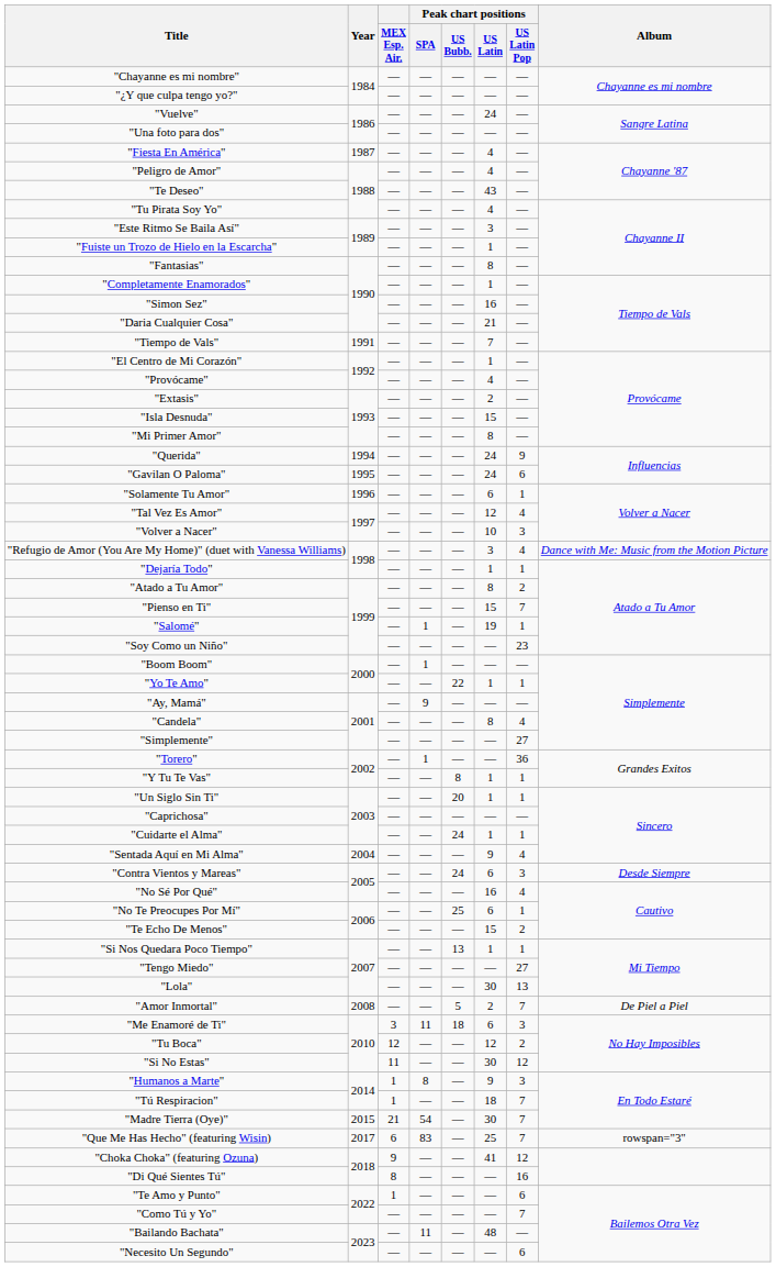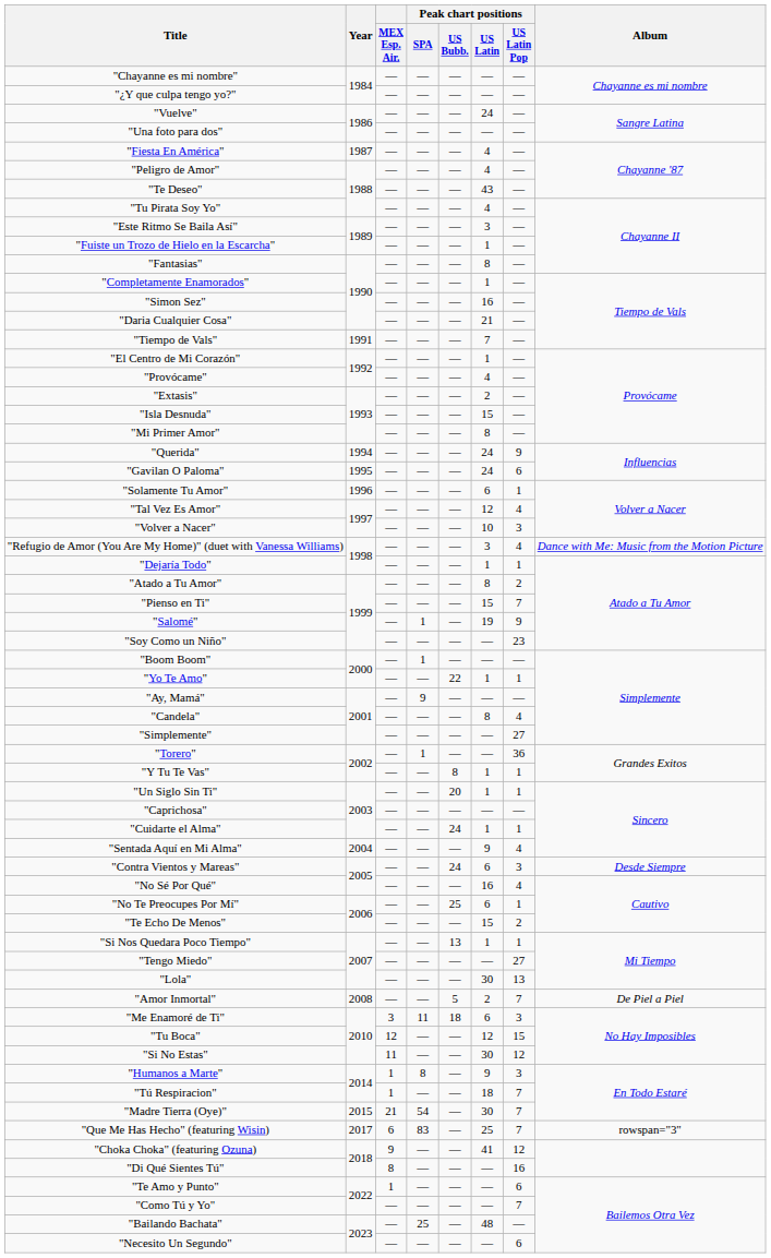 <table class="wikitable plainrowheaders" style="text-align:center;">
 <tr>
 <th rowspan="2">Title</th>
 <th rowspan="2">Year</th>
 <th></th>
 <th colspan="4">Peak chart positions</th>
 <th rowspan="2">Album</th>
 </tr>
 <tr>
 <th scope="col" style="width:2.5em;font-size:90%;"><a href='#'>MEX<br>Esp.<br>Air.</a><br></th>
 <th scope="col" style="width:2.5em;font-size:90%;"><a href='#'>SPA</a><br></th>
 <th scope="col" style="width:2.5em;font-size:90%;"><a href='#'>US<br>Bubb.</a><br></th>
 <th scope="col" style="width:2.5em;font-size:90%;"><a href='#'>US<br>Latin</a><br></th>
 <th scope="col" style="width:2.5em;font-size:90%;"><a href='#'>US<br>Latin<br>Pop</a><br></th>
 </tr>
 <tr>
 <td>"Chayanne es mi nombre"</td>
 <td rowspan="2">1984</td>
 <td>—</td>
 <td>—</td>
 <td>—</td>
 <td>—</td>
 <td>—</td>
 <td rowspan="2"><em><a href='#'>Chayanne es mi nombre</a></em></td>
 </tr>
 <tr>
 <td>"¿Y que culpa tengo yo?"</td>
 <td>—</td>
 <td>—</td>
 <td>—</td>
 <td>—</td>
 <td>—</td>
 </tr>
 <tr>
 <td>"Vuelve"</td>
 <td rowspan="2">1986</td>
 <td>—</td>
 <td>—</td>
 <td>—</td>
 <td>24</td>
 <td>—</td>
 <td rowspan="2"><em><a href='#'>Sangre Latina</a></em></td>
 </tr>
 <tr>
 <td>"Una foto para dos"</td>
 <td>—</td>
 <td>—</td>
 <td>—</td>
 <td>—</td>
 <td>—</td>
 </tr>
 <tr>
 <td>"<a href='#'>Fiesta En América</a>"</td>
 <td>1987</td>
 <td>—</td>
 <td>—</td>
 <td>—</td>
 <td>4</td>
 <td>—</td>
 <td rowspan="3"><em><a href='#'>Chayanne '87</a></em></td>
 </tr>
 <tr>
 <td>"Peligro de Amor"</td>
 <td rowspan="3">1988</td>
 <td>—</td>
 <td>—</td>
 <td>—</td>
 <td>4</td>
 <td>—</td>
 </tr>
 <tr>
 <td>"Te Deseo"</td>
 <td>—</td>
 <td>—</td>
 <td>—</td>
 <td>43</td>
 <td>—</td>
 </tr>
 <tr>
 <td>"Tu Pirata Soy Yo"</td>
 <td>—</td>
 <td>—</td>
 <td>—</td>
 <td>4</td>
 <td>—</td>
 <td rowspan="4"><em><a href='#'>Chayanne II</a></em></td>
 </tr>
 <tr>
 <td>"Este Ritmo Se Baila Así"</td>
 <td rowspan="2" align="center">1989</td>
 <td>—</td>
 <td>—</td>
 <td>—</td>
 <td>3</td>
 <td>—</td>
 </tr>
 <tr>
 <td>"<a href='#'>Fuiste un Trozo de Hielo en la Escarcha</a>"</td>
 <td>—</td>
 <td>—</td>
 <td>—</td>
 <td>1</td>
 <td>—</td>
 </tr>
 <tr>
 <td>"Fantasias"</td>
 <td rowspan="4" align="center">1990</td>
 <td>—</td>
 <td>—</td>
 <td>—</td>
 <td>8</td>
 <td>—</td>
 </tr>
 <tr>
 <td>"<a href='#'>Completamente Enamorados</a>"</td>
 <td>—</td>
 <td>—</td>
 <td>—</td>
 <td>1</td>
 <td>—</td>
 <td rowspan="4"><em><a href='#'>Tiempo de Vals</a></em></td>
 </tr>
 <tr>
 <td>"Simon Sez"</td>
 <td>—</td>
 <td>—</td>
 <td>—</td>
 <td>16</td>
 <td>—</td>
 </tr>
 <tr>
 <td>"Daria Cualquier Cosa"</td>
 <td>—</td>
 <td>—</td>
 <td>—</td>
 <td>21</td>
 <td>—</td>
 </tr>
 <tr>
 <td>"Tiempo de Vals"</td>
 <td align="center">1991</td>
 <td>—</td>
 <td>—</td>
 <td>—</td>
 <td>7</td>
 <td>—</td>
 </tr>
 <tr>
 <td>"El Centro de Mi Corazón"</td>
 <td rowspan="2" align="center">1992</td>
 <td>—</td>
 <td>—</td>
 <td>—</td>
 <td>1</td>
 <td>—</td>
 <td rowspan="5"><em><a href='#'>Provócame</a></em></td>
 </tr>
 <tr>
 <td>"Provócame"</td>
 <td>—</td>
 <td>—</td>
 <td>—</td>
 <td>4</td>
 <td>—</td>
 </tr>
 <tr>
 <td>"Extasis"</td>
 <td rowspan="3" align="center">1993</td>
 <td>—</td>
 <td>—</td>
 <td>—</td>
 <td>2</td>
 <td>—</td>
 </tr>
 <tr>
 <td>"Isla Desnuda"</td>
 <td>—</td>
 <td>—</td>
 <td>—</td>
 <td>15</td>
 <td>—</td>
 </tr>
 <tr>
 <td>"Mi Primer Amor"</td>
 <td>—</td>
 <td>—</td>
 <td>—</td>
 <td>8</td>
 <td>—</td>
 </tr>
 <tr>
 <td>"Querida"</td>
 <td align="center">1994</td>
 <td>—</td>
 <td>—</td>
 <td>—</td>
 <td>24</td>
 <td>9</td>
 <td rowspan="2"><em><a href='#'>Influencias</a></em></td>
 </tr>
 <tr>
 <td>"Gavilan O Paloma"</td>
 <td align="center">1995</td>
 <td>—</td>
 <td>—</td>
 <td>—</td>
 <td>24</td>
 <td>6</td>
 </tr>
 <tr>
 <td>"Solamente Tu Amor"</td>
 <td align="center">1996</td>
 <td>—</td>
 <td>—</td>
 <td>—</td>
 <td>6</td>
 <td>1</td>
 <td rowspan="3"><em><a href='#'>Volver a Nacer</a></em></td>
 </tr>
 <tr>
 <td>"Tal Vez Es Amor"</td>
 <td rowspan="2" align="center">1997</td>
 <td>—</td>
 <td>—</td>
 <td>—</td>
 <td>12</td>
 <td>4</td>
 </tr>
 <tr>
 <td>"Volver a Nacer"</td>
 <td>—</td>
 <td>—</td>
 <td>—</td>
 <td>10</td>
 <td>3</td>
 </tr>
 <tr>
 <td>"Refugio de Amor (You Are My Home)" (duet with <a href='#'>Vanessa Williams</a>)</td>
 <td rowspan="2" align="center">1998</td>
 <td>—</td>
 <td>—</td>
 <td>—</td>
 <td>3</td>
 <td>4</td>
 <td><em><a href='#'>Dance with Me: Music from the Motion Picture</a></em></td>
 </tr>
 <tr>
 <td>"<a href='#'>Dejaría Todo</a>"</td>
 <td>—</td>
 <td>—</td>
 <td>—</td>
 <td>1</td>
 <td>1</td>
 <td rowspan="5"><em><a href='#'>Atado a Tu Amor</a></em></td>
 </tr>
 <tr>
 <td>"Atado a Tu Amor"</td>
 <td rowspan="4" align="center">1999</td>
 <td>—</td>
 <td>—</td>
 <td>—</td>
 <td>8</td>
 <td>2</td>
 </tr>
 <tr>
 <td>"Pienso en Ti"</td>
 <td>—</td>
 <td>—</td>
 <td>—</td>
 <td>15</td>
 <td>7</td>
 </tr>
 <tr>
 <td>"<a href='#'>Salomé</a>"</td>
 <td>—</td>
 <td>1</td>
 <td>—</td>
 <td>19</td>
-<td>1</td>
+<td>9</td>
 </tr>
 <tr>
 <td>"Soy Como un Niño"</td>
 <td>—</td>
 <td>—</td>
 <td>—</td>
 <td>—</td>
 <td>23</td>
 </tr>
 <tr>
 <td>"Boom Boom"</td>
 <td rowspan="2">2000</td>
 <td>—</td>
 <td>1</td>
 <td>—</td>
 <td>—</td>
 <td>—</td>
 <td rowspan="5"><em><a href='#'>Simplemente</a></em></td>
 </tr>
 <tr>
 <td>"<a href='#'>Yo Te Amo</a>"</td>
 <td>—</td>
 <td>—</td>
 <td>22</td>
 <td>1</td>
 <td>1</td>
 </tr>
 <tr>
 <td>"Ay, Mamá"</td>
 <td rowspan="3">2001</td>
 <td>—</td>
 <td>9</td>
 <td>—</td>
 <td>—</td>
 <td>—</td>
 </tr>
 <tr>
 <td>"Candela"</td>
 <td>—</td>
 <td>—</td>
 <td>—</td>
 <td>8</td>
 <td>4</td>
 </tr>
 <tr>
 <td>"Simplemente"</td>
 <td>—</td>
 <td>—</td>
 <td>—</td>
 <td>—</td>
 <td>27</td>
 </tr>
 <tr>
 <td>"<a href='#'>Torero</a>"</td>
 <td rowspan="2" align="center">2002</td>
 <td>—</td>
 <td>1</td>
 <td>—</td>
 <td>—</td>
 <td>36</td>
 <td rowspan="2"><em>Grandes Exitos</em></td>
 </tr>
 <tr>
 <td>"Y Tu Te Vas"</td>
 <td>—</td>
 <td>—</td>
 <td>8</td>
 <td>1</td>
 <td>1</td>
 </tr>
 <tr>
 <td>"Un Siglo Sin Ti"</td>
 <td rowspan="3" align="center">2003</td>
 <td>—</td>
 <td>—</td>
 <td>20</td>
 <td>1</td>
 <td>1</td>
 <td rowspan="4"><em><a href='#'>Sincero</a></em></td>
 </tr>
 <tr>
 <td>"Caprichosa"</td>
 <td>—</td>
 <td>—</td>
 <td>—</td>
 <td>—</td>
 <td>—</td>
 </tr>
 <tr>
 <td>"Cuidarte el Alma"</td>
 <td>—</td>
 <td>—</td>
 <td>24</td>
 <td>1</td>
 <td>1</td>
 </tr>
 <tr>
 <td>"Sentada Aquí en Mi Alma"</td>
 <td align="center">2004</td>
 <td>—</td>
 <td>—</td>
 <td>—</td>
 <td>9</td>
 <td>4</td>
 </tr>
 <tr>
 <td>"Contra Vientos y Mareas"</td>
 <td rowspan="2" align="center">2005</td>
 <td>—</td>
 <td>—</td>
 <td>24</td>
 <td>6</td>
 <td>3</td>
 <td><em><a href='#'>Desde Siempre</a></em></td>
 </tr>
 <tr>
 <td>"No Sé Por Qué"</td>
 <td>—</td>
 <td>—</td>
 <td>—</td>
 <td>16</td>
 <td>4</td>
 <td rowspan="3"><em><a href='#'>Cautivo</a></em></td>
 </tr>
 <tr>
 <td>"No Te Preocupes Por Mí"</td>
 <td rowspan="2" align="center">2006</td>
 <td>—</td>
 <td>—</td>
 <td>25</td>
 <td>6</td>
 <td>1</td>
 </tr>
 <tr>
 <td>"Te Echo De Menos"</td>
 <td>—</td>
 <td>—</td>
 <td>—</td>
 <td>15</td>
 <td>2</td>
 </tr>
 <tr>
 <td>"Si Nos Quedara Poco Tiempo"</td>
 <td rowspan="3" align="center">2007</td>
 <td>—</td>
 <td>—</td>
 <td>13</td>
 <td>1</td>
 <td>1</td>
 <td rowspan="3"><em><a href='#'>Mi Tiempo</a></em></td>
 </tr>
 <tr>
 <td>"Tengo Miedo"</td>
 <td>—</td>
 <td>—</td>
 <td>—</td>
 <td>—</td>
 <td>27</td>
 </tr>
 <tr>
 <td>"Lola"</td>
 <td>—</td>
 <td>—</td>
 <td>—</td>
 <td>30</td>
 <td>13</td>
 </tr>
 <tr>
 <td>"Amor Inmortal"</td>
 <td align="center">2008</td>
 <td>—</td>
 <td>—</td>
 <td>5</td>
 <td>2</td>
 <td align="center">7</td>
 <td><em>De Piel a Piel</em></td>
 </tr>
 <tr>
 <td>"Me Enamoré de Ti"</td>
 <td rowspan="3" align="center">2010</td>
 <td>3</td>
 <td>11</td>
 <td>18</td>
 <td>6</td>
 <td>3</td>
 <td rowspan="3"><em><a href='#'>No Hay Imposibles</a></em></td>
 </tr>
 <tr>
 <td>"Tu Boca"</td>
 <td>12</td>
 <td>—</td>
 <td>—</td>
 <td>12</td>
-<td>2</td>
+<td>15</td>
 </tr>
 <tr>
 <td>"Si No Estas"</td>
 <td>11</td>
 <td>—</td>
 <td>—</td>
 <td>30</td>
 <td>12</td>
 </tr>
 <tr>
 <td>"<a href='#'>Humanos a Marte</a>"</td>
 <td rowspan="2" align="center">2014</td>
 <td>1</td>
 <td>8</td>
 <td>—</td>
 <td>9</td>
 <td>3</td>
 <td rowspan="3"><em><a href='#'>En Todo Estaré</a></em></td>
 </tr>
 <tr>
 <td>"Tú Respiracion"</td>
 <td>1</td>
 <td>—</td>
 <td>—</td>
 <td>18</td>
 <td>7</td>
 </tr>
 <tr>
 <td>"Madre Tierra (Oye)"</td>
 <td>2015</td>
 <td>21</td>
 <td>54</td>
 <td>—</td>
 <td>30</td>
 <td>7</td>
 </tr>
 <tr>
 <td>"Que Me Has Hecho" (featuring <a href='#'>Wisin</a>)</td>
 <td>2017</td>
 <td>6</td>
 <td>83</td>
 <td>—</td>
 <td>25</td>
 <td>7</td>
 <td>rowspan="3" </td>
 </tr>
 <tr>
 <td>"Choka Choka" (featuring <a href='#'>Ozuna</a>)</td>
 <td rowspan="2" align="center">2018</td>
 <td>9</td>
 <td>—</td>
 <td>—</td>
 <td>41</td>
 <td>12</td>
 </tr>
 <tr>
 <td>"Di Qué Sientes Tú"</td>
 <td>8</td>
 <td>—</td>
 <td>—</td>
 <td>—</td>
 <td>16</td>
 </tr>
 <tr>
 <td>"Te Amo y Punto"</td>
 <td rowspan="2" align="center">2022</td>
 <td>1</td>
 <td>—</td>
 <td>—</td>
 <td>—</td>
 <td>6</td>
 <td rowspan="4"><em><a href='#'>Bailemos Otra Vez</a></em></td>
 </tr>
 <tr>
 <td>"Como Tú y Yo"</td>
 <td>—</td>
 <td>—</td>
 <td>—</td>
 <td>—</td>
 <td>7</td>
 </tr>
 <tr>
 <td>"Bailando Bachata"</td>
 <td rowspan="2">2023</td>
 <td>—</td>
-<td>11</td>
+<td>25</td>
 <td>—</td>
 <td>48</td>
 <td>—</td>
 </tr>
 <tr>
 <td>"Necesito Un Segundo"</td>
 <td>—</td>
 <td>—</td>
 <td>—</td>
 <td>—</td>
 <td>6</td>
 </tr>
 </table>
